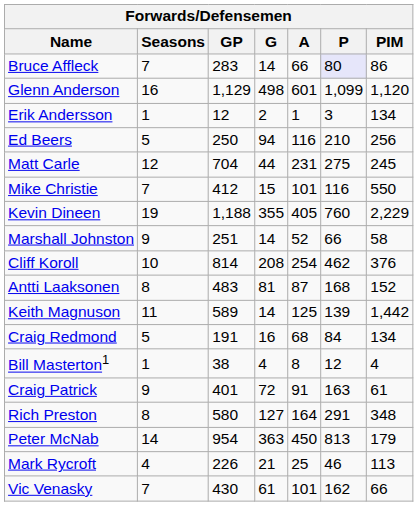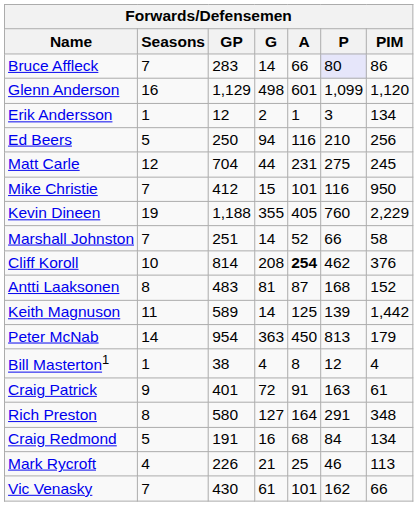 <table class="wikitable sortable">
 <tr>
 <th colspan=7>Forwards/Defensemen</th>
 </tr>
 <tr>
 <th>Name</th>
 <th>Seasons</th>
 <th>GP</th>
 <th>G</th>
 <th>A</th>
 <th>P</th>
 <th>PIM</th>
 </tr>
 <tr>
 <td><a href='#'>Bruce Affleck</a></td>
 <td>7</td>
 <td>283</td>
 <td>14</td>
 <td>66</td>
 <td style="background: lavender;">80</td>
 <td>86</td>
 </tr>
 <tr>
 <td><a href='#'>Glenn Anderson</a></td>
 <td>16</td>
 <td>1,129</td>
 <td>498</td>
 <td>601</td>
 <td>1,099</td>
 <td>1,120</td>
 </tr>
 <tr>
 <td><a href='#'>Erik Andersson</a></td>
 <td>1</td>
 <td>12</td>
 <td>2</td>
 <td>1</td>
 <td>3</td>
 <td>134</td>
 </tr>
 <tr>
 <td><a href='#'>Ed Beers</a></td>
 <td>5</td>
 <td>250</td>
 <td>94</td>
 <td>116</td>
 <td>210</td>
 <td>256</td>
 </tr>
 <tr>
 <td><a href='#'>Matt Carle</a></td>
 <td>12</td>
 <td>704</td>
 <td>44</td>
 <td>231</td>
 <td>275</td>
 <td>245</td>
 </tr>
 <tr>
 <td><a href='#'>Mike Christie</a></td>
 <td>7</td>
 <td>412</td>
 <td>15</td>
 <td>101</td>
 <td>116</td>
-<td>550</td>
+<td>950</td>
 </tr>
 <tr>
 <td><a href='#'>Kevin Dineen</a></td>
 <td>19</td>
 <td>1,188</td>
 <td>355</td>
 <td>405</td>
 <td>760</td>
 <td>2,229</td>
 </tr>
 <tr>
 <td><a href='#'>Marshall Johnston</a></td>
-<td>9</td>
+<td>7</td>
 <td>251</td>
 <td>14</td>
 <td>52</td>
 <td>66</td>
 <td>58</td>
 </tr>
 <tr>
 <td><a href='#'>Cliff Koroll</a></td>
 <td>10</td>
 <td>814</td>
 <td>208</td>
-<td>254</td>
+<td><strong>254</strong></td>
 <td>462</td>
 <td>376</td>
 </tr>
 <tr>
 <td><a href='#'>Antti Laaksonen</a></td>
 <td>8</td>
 <td>483</td>
 <td>81</td>
 <td>87</td>
 <td>168</td>
 <td>152</td>
 </tr>
 <tr>
 <td><a href='#'>Keith Magnuson</a></td>
 <td>11</td>
 <td>589</td>
 <td>14</td>
 <td>125</td>
 <td>139</td>
 <td>1,442</td>
 </tr>
 <tr>
-<td><a href='#'>Craig Redmond</a></td>
-<td>5</td>
-<td>191</td>
-<td>16</td>
-<td>68</td>
-<td>84</td>
-<td>134</td>
+<td><a href='#'>Peter McNab</a></td>
+<td>14</td>
+<td>954</td>
+<td>363</td>
+<td>450</td>
+<td>813</td>
+<td>179</td>
 </tr>
 <tr>
 <td><a href='#'>Bill Masterton</a><sup>1</sup></td>
 <td>1</td>
 <td>38</td>
 <td>4</td>
 <td>8</td>
 <td>12</td>
 <td>4</td>
 </tr>
 <tr>
 <td><a href='#'>Craig Patrick</a></td>
 <td>9</td>
 <td>401</td>
 <td>72</td>
 <td>91</td>
 <td>163</td>
 <td>61</td>
 </tr>
 <tr>
 <td><a href='#'>Rich Preston</a></td>
 <td>8</td>
 <td>580</td>
 <td>127</td>
 <td>164</td>
 <td>291</td>
 <td>348</td>
 </tr>
 <tr>
-<td><a href='#'>Peter McNab</a></td>
-<td>14</td>
-<td>954</td>
-<td>363</td>
-<td>450</td>
-<td>813</td>
-<td>179</td>
+<td><a href='#'>Craig Redmond</a></td>
+<td>5</td>
+<td>191</td>
+<td>16</td>
+<td>68</td>
+<td>84</td>
+<td>134</td>
 </tr>
 <tr>
 <td><a href='#'>Mark Rycroft</a></td>
 <td>4</td>
 <td>226</td>
 <td>21</td>
 <td>25</td>
 <td>46</td>
 <td>113</td>
 </tr>
 <tr>
 <td><a href='#'>Vic Venasky</a></td>
 <td>7</td>
 <td>430</td>
 <td>61</td>
 <td>101</td>
 <td>162</td>
 <td>66</td>
 </tr>
 </table>
